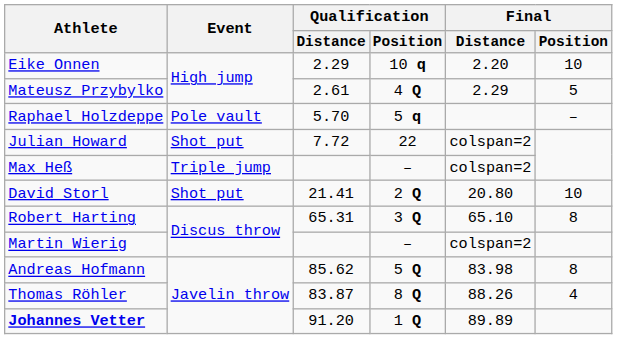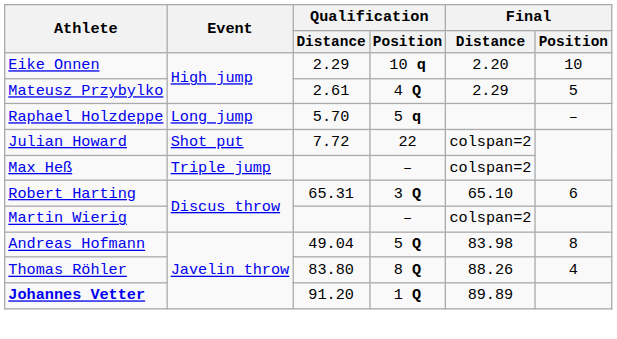 <table class=wikitable style=font-size:90%>
 <tr>
 <th rowspan=2>Athlete</th>
 <th rowspan=2>Event</th>
 <th colspan=2>Qualification</th>
 <th colspan=2>Final</th>
 </tr>
 <tr style=font-size:95%>
 <th>Distance</th>
 <th>Position</th>
 <th>Distance</th>
 <th>Position</th>
 </tr>
 <tr align=center>
 <td align=left><a href='#'>Eike Onnen</a></td>
 <td align=left rowspan=2><a href='#'>High jump</a></td>
 <td>2.29</td>
 <td>10 <strong>q</strong></td>
 <td>2.20</td>
 <td>10</td>
 </tr>
 <tr align=center>
 <td align=left><a href='#'>Mateusz Przybylko</a></td>
 <td>2.61</td>
 <td>4 <strong>Q</strong></td>
 <td>2.29</td>
 <td>5</td>
 </tr>
 <tr align=center>
 <td align=left><a href='#'>Raphael Holzdeppe</a></td>
-<td align=left><a href='#'>Pole vault</a></td>
+<td align=left><a href='#'>Long jump</a></td>
 <td>5.70</td>
 <td>5 <strong>q</strong></td>
 <td></td>
 <td>–</td>
 </tr>
 <tr align=center>
 <td align=left><a href='#'>Julian Howard</a></td>
 <td align=left><a href='#'>Shot put</a></td>
 <td>7.72</td>
 <td>22</td>
 <td>colspan=2 </td>
 </tr>
 <tr align=center>
 <td align=left><a href='#'>Max Heß</a></td>
 <td align=left><a href='#'>Triple jump</a></td>
 <td></td>
 <td>–</td>
 <td>colspan=2 </td>
 </tr>
 <tr align=center>
-<td align=left><a href='#'>David Storl</a></td>
-<td align=left><a href='#'>Shot put</a></td>
-<td>21.41</td>
-<td>2 <strong>Q</strong></td>
-<td>20.80</td>
-<td>10</td>
-</tr>
-<tr align=center>
 <td align=left><a href='#'>Robert Harting</a></td>
 <td align=left rowspan=2><a href='#'>Discus throw</a></td>
 <td>65.31</td>
 <td>3 <strong>Q</strong></td>
 <td>65.10</td>
-<td>8</td>
+<td>6</td>
 </tr>
 <tr align=center>
 <td align=left><a href='#'>Martin Wierig</a></td>
 <td></td>
 <td>–</td>
 <td>colspan=2 </td>
 </tr>
 <tr align=center>
 <td align=left><a href='#'>Andreas Hofmann</a></td>
 <td align=left rowspan=3><a href='#'>Javelin throw</a></td>
-<td>85.62</td>
+<td>49.04</td>
 <td>5 <strong>Q</strong></td>
 <td>83.98</td>
 <td>8</td>
 </tr>
 <tr align=center>
 <td align=left><a href='#'>Thomas Röhler</a></td>
-<td>83.87</td>
+<td>83.80</td>
 <td>8 <strong>Q</strong></td>
 <td>88.26</td>
 <td>4</td>
 </tr>
 <tr align=center>
 <td align=left><strong><a href='#'>Johannes Vetter</a></strong></td>
 <td>91.20</td>
 <td>1 <strong>Q</strong></td>
 <td>89.89</td>
 <td></td>
 </tr>
 </table>
